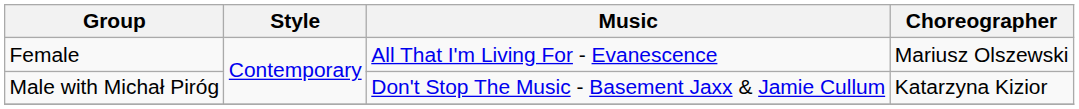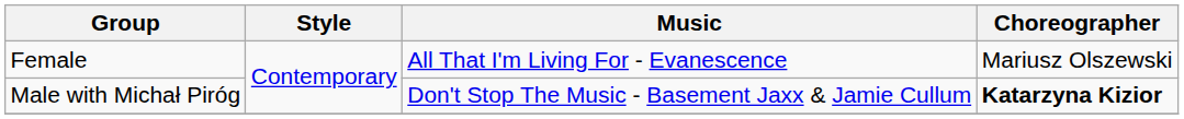 <table class="wikitable">
 <tr>
 <th>Group</th>
 <th>Style</th>
 <th>Music</th>
 <th>Choreographer</th>
 </tr>
 <tr>
 <td>Female</td>
 <td rowspan="2"><a href='#'>Contemporary</a></td>
 <td><a href='#'>All That I'm Living For</a> - <a href='#'>Evanescence</a></td>
 <td>Mariusz Olszewski</td>
 </tr>
 <tr>
 <td>Male with Michał Piróg</td>
 <td><a href='#'>Don't Stop The Music</a> - <a href='#'>Basement Jaxx</a> & <a href='#'>Jamie Cullum</a></td>
-<td>Katarzyna Kizior</td>
+<td><strong>Katarzyna Kizior</strong></td>
 </tr>
 <tr>
 </tr>
 </table>
